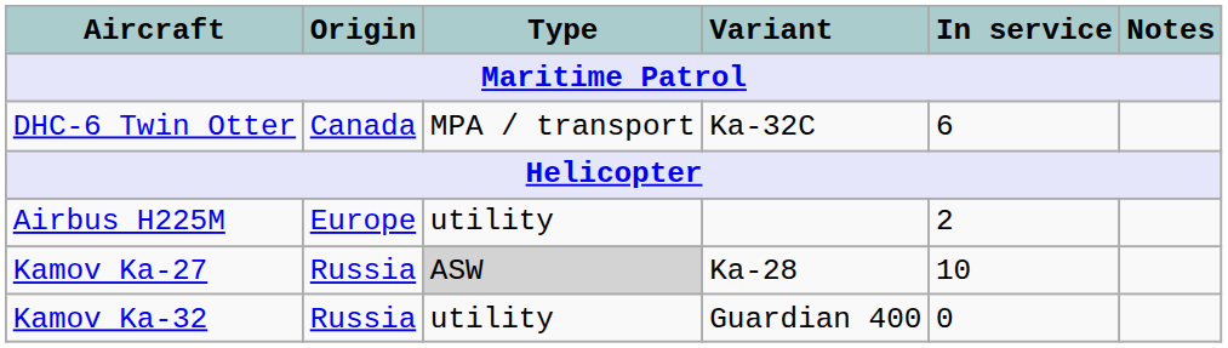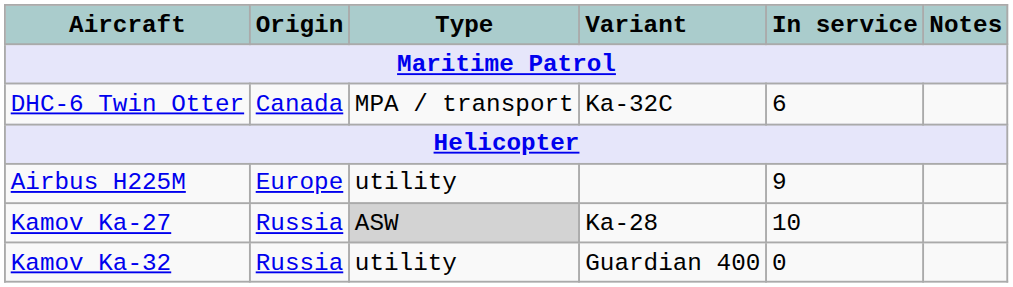 <table class="wikitable">
 <tr>
 <th style="text-align:center; background:#acc;">Aircraft</th>
 <th style="text-align: center; background:#acc;">Origin</th>
 <th style="text-align:l center; background:#acc;">Type</th>
 <th style="text-align:left; background:#acc;">Variant</th>
 <th style="text-align:center; background:#acc;">In service</th>
 <th style="text-align: center; background:#acc;">Notes</th>
 </tr>
 <tr>
 <th colspan="6" style="align: center; background: lavender;"><a href='#'>Maritime Patrol</a></th>
 </tr>
 <tr>
 <td><a href='#'>DHC-6 Twin Otter</a></td>
 <td><a href='#'>Canada</a></td>
 <td>MPA / transport</td>
 <td>Ka-32C</td>
 <td>6</td>
 <td></td>
 </tr>
 <tr>
 <th colspan="6" style="align: center; background: lavender;"><a href='#'>Helicopter</a></th>
 </tr>
 <tr>
 <td><a href='#'>Airbus H225M</a></td>
 <td><a href='#'>Europe</a></td>
 <td>utility</td>
 <td></td>
-<td>2</td>
+<td>9</td>
 <td></td>
 </tr>
 <tr>
 <td><a href='#'>Kamov Ka-27</a></td>
 <td><a href='#'>Russia</a></td>
 <td style="background: lightgrey;">ASW</td>
 <td>Ka-28</td>
 <td>10</td>
 <td></td>
 </tr>
 <tr>
 <td><a href='#'>Kamov Ka-32</a></td>
 <td><a href='#'>Russia</a></td>
 <td>utility</td>
 <td>Guardian 400</td>
 <td>0</td>
 <td></td>
 </tr>
 </table>
